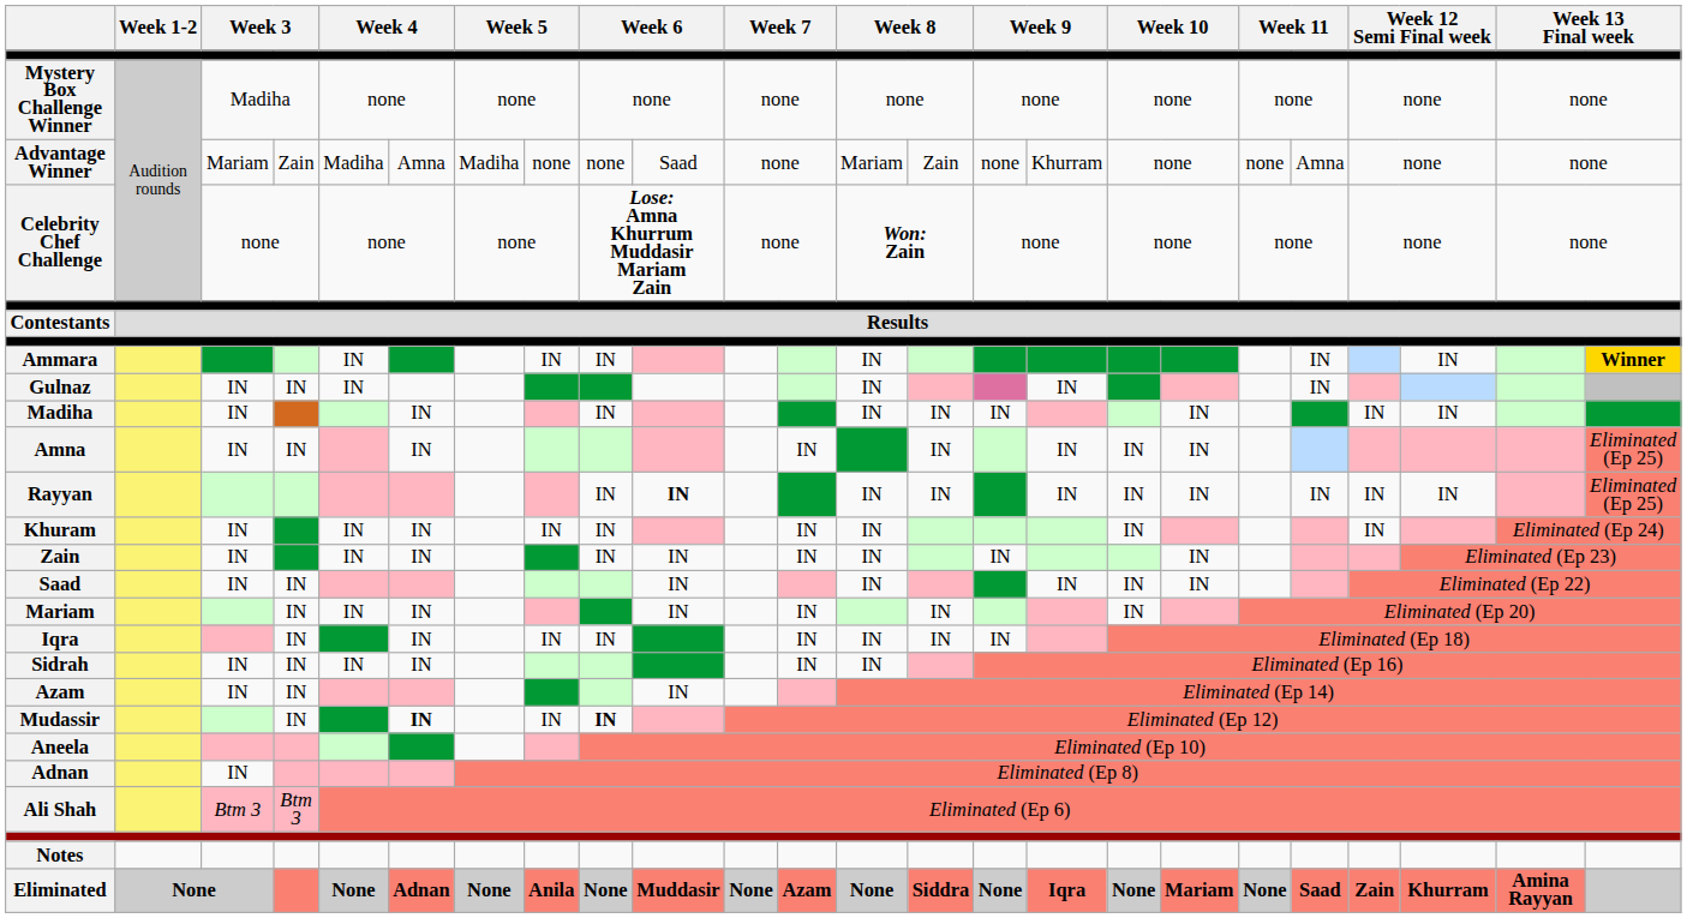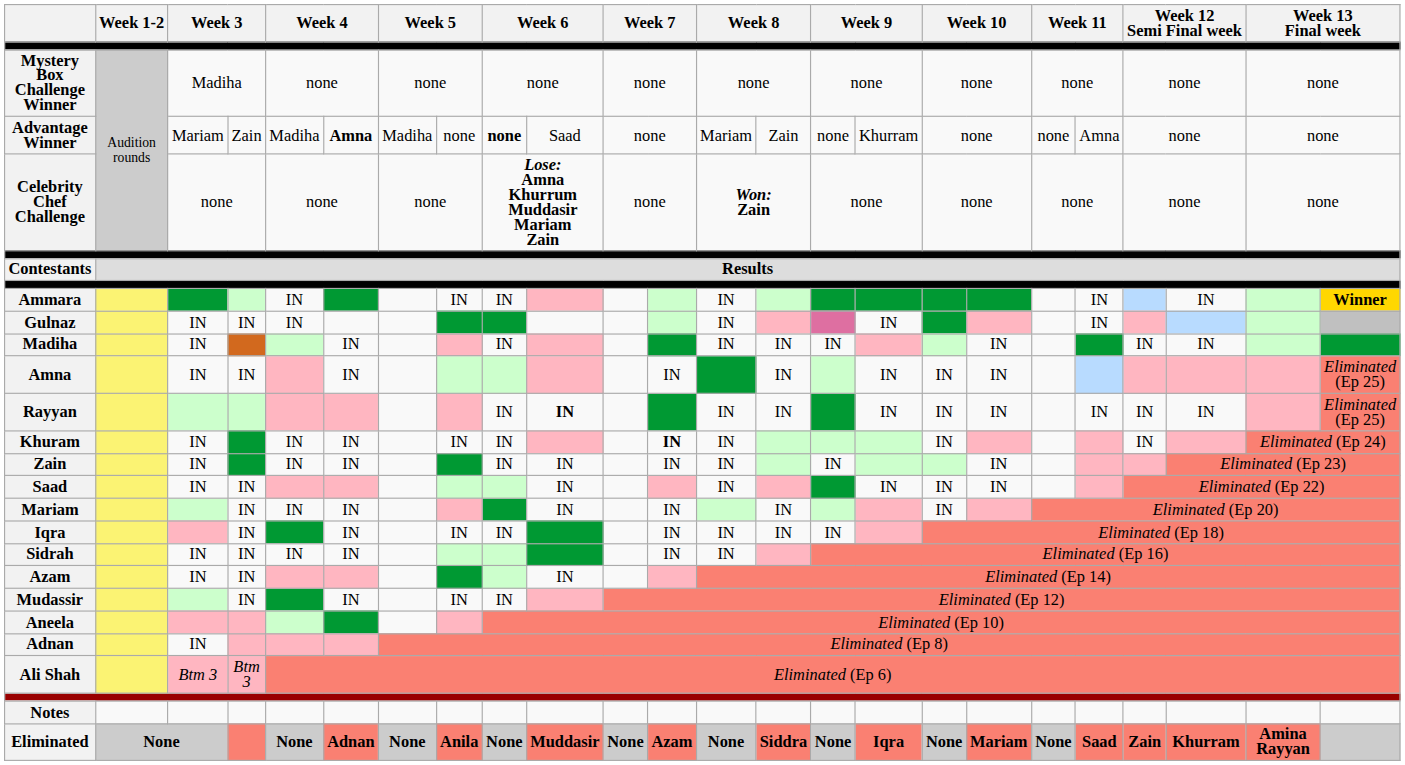 <table class="wikitable" style="text-align:center; width:80%; font-size:90%; line-height:13px">
 <tr>
 <th colspan="1" style="width:6%;"></th>
 <th colspan="1" style="width:7%; white-space:nowrap;">Week 1-2</th>
 <th colspan="2" style="width:7%; white-space:nowrap;">Week 3</th>
 <th colspan="2" style="width:7%; white-space:nowrap;">Week 4</th>
 <th colspan="2" style="width:7%; white-space:nowrap;">Week 5</th>
 <th colspan="2" style="width:7%; white-space:nowrap;">Week 6</th>
 <th colspan="2" style="width:7%; white-space:nowrap;">Week 7</th>
 <th colspan="2" style="width:7%; white-space:nowrap;">Week 8</th>
 <th colspan="2" style="width:7%; white-space:nowrap;">Week 9</th>
 <th colspan="2" style="width:7%; white-space:nowrap;">Week 10</th>
 <th colspan="2" style="width:7%; white-space:nowrap;">Week 11</th>
 <th colspan="2" style="width:7%; white-space:nowrap;">Week 12 <br>Semi Final week</th>
 <th colspan="2" style="width:7%; white-space:nowrap;">Week 13 <br>Final week</th>
 </tr>
 <tr>
 <th style="background:black;" colspan="32"></th>
 </tr>
 <tr>
 <th>Mystery Box Challenge Winner</th>
 <td rowspan=3 style="background:#ccc;"><span><small>Audition<br>rounds</small></span></td>
 <td colspan=2>Madiha</td>
 <td colspan=2>none</td>
 <td colspan=2>none</td>
 <td colspan=2>none</td>
 <td colspan=2>none</td>
 <td colspan=2>none</td>
 <td colspan=2>none</td>
 <td colspan=2>none</td>
 <td colspan=2>none</td>
 <td colspan=2>none</td>
 <td colspan=2>none</td>
 </tr>
 <tr>
 <th>Advantage Winner</th>
 <td colspan=1>Mariam</td>
 <td>Zain</td>
 <td colspan=1>Madiha</td>
-<td>Amna</td>
+<td><strong>Amna</strong></td>
 <td colspan=1>Madiha</td>
 <td>none</td>
-<td colspan=1>none</td>
+<td colspan=1><strong>none</strong></td>
 <td>Saad</td>
 <td colspan=2>none</td>
 <td colspan=1>Mariam</td>
 <td>Zain</td>
 <td colspan=1>none</td>
 <td>Khurram</td>
 <td colspan=2>none</td>
 <td colspan=1>none</td>
 <td>Amna</td>
 <td colspan=2>none</td>
 <td colspan=2>none</td>
 </tr>
 <tr>
 <th>Celebrity Chef Challenge</th>
 <td colspan=2>none</td>
 <td colspan=2>none</td>
 <td colspan=2>none</td>
 <td colspan=2><strong><em>Lose:</em></strong><br><strong>Amna</strong> <br><strong>Khurrum</strong> <br><strong>Muddasir</strong> <br> <strong>Mariam</strong> <br> <strong>Zain</strong></td>
 <td colspan=2>none</td>
 <td colspan=2><strong><em>Won:</em></strong> <br> <strong>Zain</strong></td>
 <td colspan=2>none</td>
 <td colspan=2>none</td>
 <td colspan=2>none</td>
 <td colspan=2>none</td>
 <td colspan=2>none</td>
 </tr>
 <tr>
 <th style="background:black;" colspan="32"></th>
 </tr>
 <tr>
 <th>Contestants</th>
 <th style="background:#ddd;" colspan="31">Results</th>
 </tr>
 <tr>
 <th style="background:black;" colspan="32"></th>
 </tr>
 <tr>
 <th>Ammara</th>
 <td bgcolor=#FBF373></td>
 <td style="background:#093;"><span> </span></td>
 <td style="background:#cfc;"></td>
 <td>IN</td>
 <td style="background:#093;"><span> </span></td>
 <td></td>
 <td>IN</td>
 <td>IN</td>
 <td style="background:lightpink;"></td>
 <td></td>
 <td style="background:#cfc;"></td>
 <td>IN</td>
 <td style="background:#cfc;"></td>
 <td style="background:#093;"><span> </span></td>
 <td style="background:#093;"><span> </span></td>
 <td style="background:#093;"><span> </span></td>
 <td style="background:#093;"><span> </span></td>
 <td></td>
 <td>IN</td>
 <td style="background:#b8dbff;"></td>
 <td>IN</td>
 <td style="background:#cfc;"></td>
 <td colspan=2 style="background:gold;"><strong>Winner</strong></td>
 </tr>
 <tr>
 <th>Gulnaz</th>
 <td bgcolor=#FBF373></td>
 <td>IN</td>
 <td>IN</td>
 <td>IN</td>
 <td></td>
 <td></td>
 <td style="background:#093;"><span> </span></td>
 <td style="background:#093;"><span> </span></td>
 <td></td>
 <td></td>
 <td style="background:#cfc;"></td>
 <td>IN</td>
 <td style="background:lightpink;"></td>
 <td style="background:#de6fa1;"></td>
 <td>IN</td>
 <td style="background:#093;"><span> </span></td>
 <td style="background:lightpink;"></td>
 <td></td>
 <td>IN</td>
 <td style="background:lightpink;"></td>
 <td style="background:#b8dbff;"></td>
 <td style="background:#cfc;"></td>
 <td style="background:silver;"></td>
 </tr>
 <tr>
 <th>Madiha</th>
 <td bgcolor=#FBF373></td>
 <td>IN</td>
 <td style="background:Chocolate;"><span> </span></td>
 <td style="background:#cfc;"></td>
 <td>IN</td>
 <td></td>
 <td style="background:lightpink;"></td>
 <td>IN</td>
 <td style="background:lightpink;"></td>
 <td></td>
 <td style="background:#093;"><span> </span></td>
 <td>IN</td>
 <td>IN</td>
 <td>IN</td>
 <td style="background:lightpink;"></td>
 <td style="background:#cfc;"></td>
 <td>IN</td>
 <td></td>
 <td style="background:#093;"><span> </span></td>
 <td>IN</td>
 <td>IN</td>
 <td style="background:#cfc;"></td>
 <td style="background:#093;"><span> </span></td>
 </tr>
 <tr>
 <th>Amna</th>
 <td bgcolor=#FBF373></td>
 <td>IN</td>
 <td>IN</td>
 <td style="background:lightpink;"></td>
 <td>IN</td>
 <td></td>
 <td style="background:#cfc;"></td>
 <td style="background:#cfc;"></td>
 <td style="background:lightpink;"></td>
 <td></td>
 <td>IN</td>
 <td style="background:#093;"><span> </span></td>
 <td>IN</td>
 <td style="background:#cfc;"></td>
 <td>IN</td>
 <td>IN</td>
 <td>IN</td>
 <td></td>
 <td style="background:#b8dbff;"></td>
 <td style="background:lightpink;"></td>
 <td style="background:lightpink;"></td>
 <td style="background:lightpink;"></td>
 <td bgcolor="#FA8072" colspan=14><em>Eliminated</em> (Ep 25)</td>
 </tr>
 <tr>
 <th>Rayyan</th>
 <td bgcolor=#FBF373></td>
 <td style="background:#cfc;"></td>
 <td style="background:#cfc;"></td>
 <td style="background:lightpink;"></td>
 <td style="background:lightpink;"></td>
 <td></td>
 <td style="background:lightpink;"></td>
 <td>IN</td>
 <td><strong>IN</strong></td>
 <td></td>
 <td style="background:#093;"><span> </span></td>
 <td>IN</td>
 <td>IN</td>
 <td style="background:#093;"><span> </span></td>
 <td>IN</td>
 <td>IN</td>
 <td>IN</td>
 <td></td>
 <td>IN</td>
 <td>IN</td>
 <td>IN</td>
 <td style="background:lightpink;"></td>
 <td bgcolor="#FA8072" colspan=14><em>Eliminated</em> (Ep 25)</td>
 </tr>
 <tr>
 <th>Khuram</th>
 <td bgcolor=#FBF373></td>
 <td>IN</td>
 <td style="background:#093;"><span> </span></td>
 <td>IN</td>
 <td>IN</td>
 <td></td>
 <td>IN</td>
 <td>IN</td>
 <td style="background:lightpink;"></td>
 <td></td>
-<td>IN</td>
+<td><strong>IN</strong></td>
 <td>IN</td>
 <td style="background:#cfc;"></td>
 <td style="background:#cfc;"></td>
 <td style="background:#cfc;"></td>
 <td>IN</td>
 <td style="background:lightpink;"></td>
 <td></td>
 <td style="background:lightpink;"></td>
 <td>IN</td>
 <td style="background:lightpink;"></td>
 <td bgcolor="#FA8072" colspan=14><em>Eliminated</em> (Ep 24)</td>
 </tr>
 <tr>
 <th>Zain</th>
 <td bgcolor=#FBF373></td>
 <td>IN</td>
 <td style="background:#093;"><span> </span></td>
 <td>IN</td>
 <td>IN</td>
 <td></td>
 <td style="background:#093;"><span> </span></td>
 <td>IN</td>
 <td>IN</td>
 <td></td>
 <td>IN</td>
 <td>IN</td>
 <td style="background:#cfc;"></td>
 <td>IN</td>
 <td style="background:#cfc;"></td>
 <td style="background:#cfc;"></td>
 <td>IN</td>
 <td></td>
 <td style="background:lightpink;"></td>
 <td style="background:lightpink;"></td>
 <td bgcolor="#FA8072" colspan=14><em>Eliminated</em> (Ep 23) </td>
 </tr>
 <tr>
 <th>Saad</th>
 <td bgcolor=#FBF373></td>
 <td>IN</td>
 <td>IN</td>
 <td style="background:lightpink;"></td>
 <td style="background:lightpink;"></td>
 <td></td>
 <td style="background:#cfc;"></td>
 <td style="background:#cfc;"></td>
 <td>IN</td>
 <td></td>
 <td style="background:lightpink;"></td>
 <td>IN</td>
 <td style="background:lightpink;"></td>
 <td style="background:#093;"><span> </span></td>
 <td>IN</td>
 <td>IN</td>
 <td>IN</td>
 <td></td>
 <td style="background:lightpink;"></td>
 <td bgcolor="#FA8072" colspan=14><em>Eliminated</em> (Ep 22)</td>
 </tr>
 <tr>
 <th>Mariam</th>
 <td bgcolor=#FBF373></td>
 <td style="background:#cfc;"></td>
 <td>IN</td>
 <td>IN</td>
 <td>IN</td>
 <td></td>
 <td style="background:lightpink;"></td>
 <td style="background:#093;"><span> </span></td>
 <td>IN</td>
 <td></td>
 <td>IN</td>
 <td style="background:#cfc;"></td>
 <td>IN</td>
 <td style="background:#cfc;"></td>
 <td style="background:lightpink;"></td>
 <td>IN</td>
 <td style="background:lightpink;"></td>
 <td bgcolor="#FA8072" colspan=16><em>Eliminated</em> (Ep 20)</td>
 </tr>
 <tr>
 <th>Iqra</th>
 <td bgcolor=#FBF373></td>
 <td style="background:lightpink;"></td>
 <td>IN</td>
 <td style="background:#093;"><span> </span></td>
 <td>IN</td>
 <td></td>
 <td>IN</td>
 <td>IN</td>
 <td style="background:#093;"><span> </span></td>
 <td></td>
 <td>IN</td>
 <td>IN</td>
 <td>IN</td>
 <td>IN</td>
 <td style="background:lightpink;"></td>
 <td bgcolor="#FA8072" colspan=18><em>Eliminated</em> (Ep 18)</td>
 </tr>
 <tr>
 <th>Sidrah</th>
 <td bgcolor=#FBF373></td>
 <td>IN</td>
 <td>IN</td>
 <td>IN</td>
 <td>IN</td>
 <td></td>
 <td style="background:#cfc;"></td>
 <td style="background:#cfc;"></td>
 <td style="background:#093;"><span> </span></td>
 <td></td>
 <td>IN</td>
 <td>IN</td>
 <td style="background:lightpink;"></td>
 <td bgcolor="#FA8072" colspan=20><em>Eliminated</em> (Ep 16)</td>
 </tr>
 <tr>
 <th>Azam</th>
 <td bgcolor=#FBF373></td>
 <td>IN</td>
 <td>IN</td>
 <td style="background:lightpink;"></td>
 <td style="background:lightpink;"></td>
 <td></td>
 <td style="background:#093;"><span> </span></td>
 <td style="background:#cfc;"></td>
 <td>IN</td>
 <td></td>
 <td style="background:lightpink;"></td>
 <td bgcolor="#FA8072" colspan=22><em>Eliminated</em> (Ep 14)</td>
 </tr>
 <tr>
 <th>Mudassir</th>
 <td bgcolor=#FBF373></td>
 <td style="background:#cfc;"></td>
 <td>IN</td>
 <td style="background:#093;"><span> </span></td>
-<td><strong>IN</strong></td>
+<td>IN</td>
 <td></td>
 <td>IN</td>
-<td><strong>IN</strong></td>
+<td>IN</td>
 <td style="background:lightpink;"></td>
 <td bgcolor="#FA8072" colspan=24><em>Eliminated</em> (Ep 12)</td>
 </tr>
 <tr>
 <th>Aneela</th>
 <td bgcolor=#FBF373></td>
 <td style="background:lightpink;"></td>
 <td style="background:lightpink;"></td>
 <td style="background:#cfc;"></td>
 <td style="background:#093;"><span> </span></td>
 <td></td>
 <td style="background:lightpink;"></td>
 <td bgcolor="#FA8072" colspan=26><em>Eliminated</em> (Ep 10)</td>
 </tr>
 <tr>
 <th>Adnan</th>
 <td bgcolor=#FBF373></td>
 <td>IN</td>
 <td style="background:lightpink;"></td>
 <td style="background:lightpink;"></td>
 <td style="background:lightpink;"></td>
 <td bgcolor="#FA8072" colspan=28><em>Eliminated</em> (Ep 8)</td>
 </tr>
 <tr>
 <th>Ali Shah</th>
 <td bgcolor=#FBF373></td>
 <td style="background:lightpink;"><em>Btm 3</em></td>
 <td style="background:lightpink;"><em>Btm 3</em></td>
 <td bgcolor="#FA8072" colspan=30><em>Eliminated</em> (Ep 6)</td>
 </tr>
 <tr>
 <th style="background:#990000" colspan="32"></th>
 </tr>
 <tr>
 <th>Notes</th>
 <td><em></em></td>
 <td><em></em></td>
 <td><em></em></td>
 <td><em></em></td>
 <td><em></em></td>
 <td><em></em></td>
 <td><em></em></td>
 <td><em></em></td>
 <td><em></em></td>
 <td><em></em></td>
 <td><em></em></td>
 <td><em></em></td>
 <td><em></em></td>
 <td><em></em></td>
 <td><em></em></td>
 <td><em></em></td>
 <td><em></em></td>
 <td><em></em></td>
 <td><em></em></td>
 <td><em></em></td>
 <td><em></em></td>
 <td><em></em></td>
 <td></td>
 </tr>
 <tr>
 <th rowspan=2>Eliminated </th>
 <td colspan=2 style="background:#ccc;"><strong>None</strong></td>
 <td colspan=1 style="background:#FA8072;"></td>
 <td colspan=1 style="background:#ccc;"><strong>None</strong></td>
 <td colspan=1 style="background:#FA8072;"><strong>Adnan</strong></td>
 <td colspan=1 style="background:#ccc;"><strong>None</strong></td>
 <td colspan=1 style="background:#FA8072;"><strong>Anila</strong></td>
 <td colspan=1 style="background:#ccc;"><strong>None</strong></td>
 <td colspan=1 style="background:#FA8072;"><strong>Muddasir</strong></td>
 <td colspan=1 style="background:#ccc;"><strong>None</strong></td>
 <td colspan=1 style="background:#FA8072;"><strong>Azam</strong></td>
 <td colspan=1 style="background:#ccc;"><strong>None</strong></td>
 <td colspan=1 style="background:#FA8072;"><strong>Siddra</strong></td>
 <td colspan=1 style="background:#ccc;"><strong>None</strong></td>
 <td colspan=1 style="background:#FA8072;"><strong>Iqra</strong></td>
 <td colspan=1 style="background:#ccc;"><strong>None</strong></td>
 <td colspan=1 style="background:#FA8072;"><strong>Mariam</strong></td>
 <td colspan=1 style="background:#ccc;"><strong>None</strong></td>
 <td colspan=1 style="background:#FA8072;"><strong>Saad</strong></td>
 <td colspan=1 style="background:#FA8072;"><strong>Zain</strong></td>
 <td colspan=1 style="background:#FA8072;"><strong>Khurram</strong></td>
 <td colspan=1 style="background:#FA8072;"><strong>Amina<br>Rayyan</strong></td>
 <td colspan=1 style="background:#ccc;"></td>
 </tr>
 </table>
